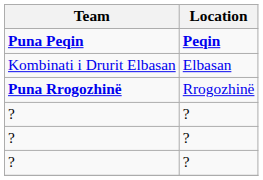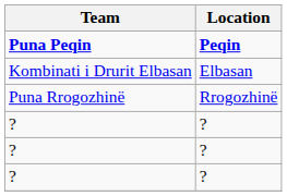 <table class="wikitable sortable">
 <tr>
 <th>Team</th>
 <th>Location</th>
 </tr>
 <tr>
 <td><strong><a href='#'>Puna Peqin</a></strong></td>
 <td><strong><a href='#'>Peqin</a></strong></td>
 </tr>
 <tr>
 <td><a href='#'>Kombinati i Drurit Elbasan</a></td>
 <td><a href='#'>Elbasan</a></td>
 </tr>
 <tr>
-<td><strong><a href='#'>Puna Rrogozhinë</a></strong></td>
+<td><a href='#'>Puna Rrogozhinë</a></td>
 <td><a href='#'>Rrogozhinë</a></td>
 </tr>
 <tr>
 <td>?</td>
 <td>?</td>
 </tr>
 <tr>
 <td>?</td>
 <td>?</td>
 </tr>
 <tr>
 <td>?</td>
 <td>?</td>
 </tr>
 <tr>
 </tr>
 </table>
